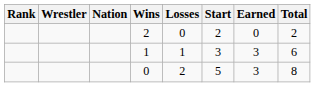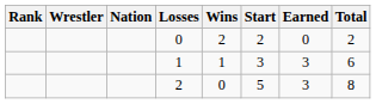 <table class="wikitable sortable" style="text-align:center;">
 <tr>
 <th>Rank</th>
 <th>Wrestler</th>
 <th>Nation</th>
+<th>Losses</th>
 <th>Wins</th>
-<th>Losses</th>
 <th>Start</th>
 <th>Earned</th>
 <th>Total</th>
 </tr>
 <tr>
 <td></td>
 <td align=left></td>
 <td align=left></td>
+<td>0</td>
 <td>2</td>
-<td>0</td>
 <td>2</td>
 <td>0</td>
 <td>2</td>
 </tr>
 <tr>
 <td></td>
 <td align=left></td>
 <td align=left></td>
 <td>1</td>
 <td>1</td>
 <td>3</td>
 <td>3</td>
 <td>6</td>
 </tr>
 <tr>
 <td></td>
 <td align=left></td>
 <td align=left></td>
+<td>2</td>
 <td>0</td>
-<td>2</td>
 <td>5</td>
 <td>3</td>
 <td>8</td>
 </tr>
 </table>
